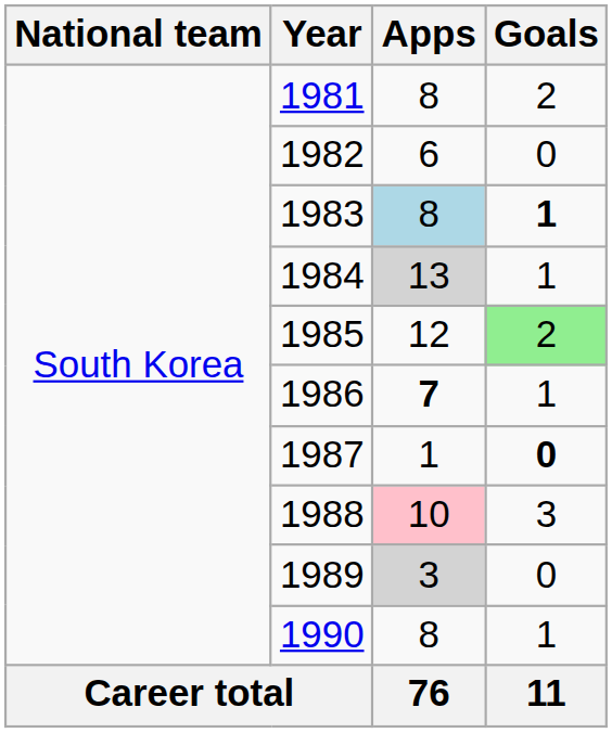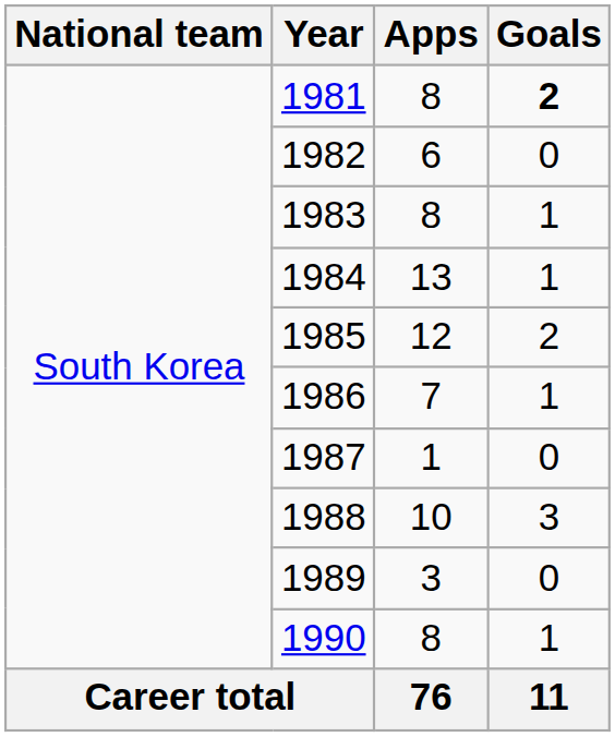 <table class="wikitable" style="text-align:center">
 <tr>
 <th>National team</th>
 <th>Year</th>
 <th>Apps</th>
 <th>Goals</th>
 </tr>
 <tr>
 <td rowspan="10"><a href='#'>South Korea</a></td>
 <td><a href='#'>1981</a></td>
 <td>8</td>
-<td>2</td>
+<td><strong>2</strong></td>
 </tr>
 <tr>
 <td>1982</td>
 <td>6</td>
 <td>0</td>
 </tr>
 <tr>
 <td>1983</td>
-<td style="background: lightblue;">8</td>
-<td><strong>1</strong></td>
+<td>8</td>
+<td>1</td>
 </tr>
 <tr>
 <td>1984</td>
-<td style="background: lightgrey;">13</td>
+<td>13</td>
 <td>1</td>
 </tr>
 <tr>
 <td>1985</td>
 <td>12</td>
-<td style="background: lightgreen;">2</td>
+<td>2</td>
 </tr>
 <tr>
 <td>1986</td>
-<td><strong>7</strong></td>
+<td>7</td>
 <td>1</td>
 </tr>
 <tr>
 <td>1987</td>
 <td>1</td>
-<td><strong>0</strong></td>
+<td>0</td>
 </tr>
 <tr>
 <td>1988</td>
-<td style="background: pink;">10</td>
+<td>10</td>
 <td>3</td>
 </tr>
 <tr>
 <td>1989</td>
-<td style="background: lightgrey;">3</td>
+<td>3</td>
 <td>0</td>
 </tr>
 <tr>
 <td><a href='#'>1990</a></td>
 <td>8</td>
 <td>1</td>
 </tr>
 <tr>
 <th colspan="2">Career total</th>
 <th>76</th>
 <th>11</th>
 </tr>
 </table>
